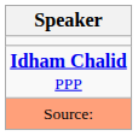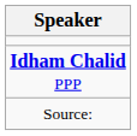 <table class="wikitable" style="text-align: center">
 <tr>
 <th>Speaker</th>
 </tr>
 <tr>
 <td></td>
 </tr>
 <tr>
 <td><strong><a href='#'>Idham Chalid</a></strong><br><small><a href='#'>PPP</a></small><a href='#'></a></td>
 </tr>
 <tr>
-<td style="background: lightsalmon;"><small>Source:</small></td>
+<td><small>Source:</small></td>
 </tr>
 </table>
